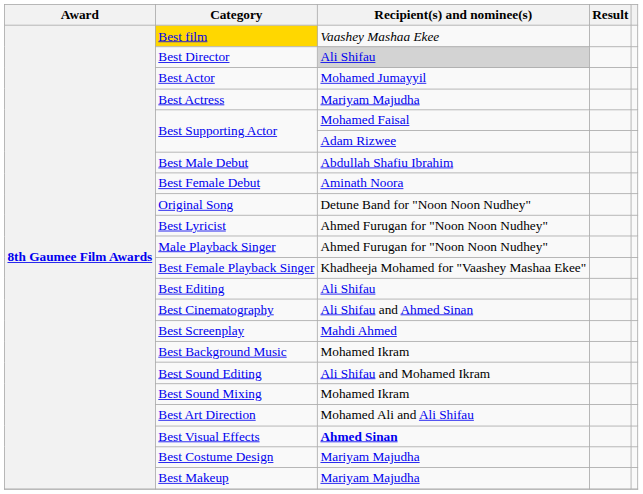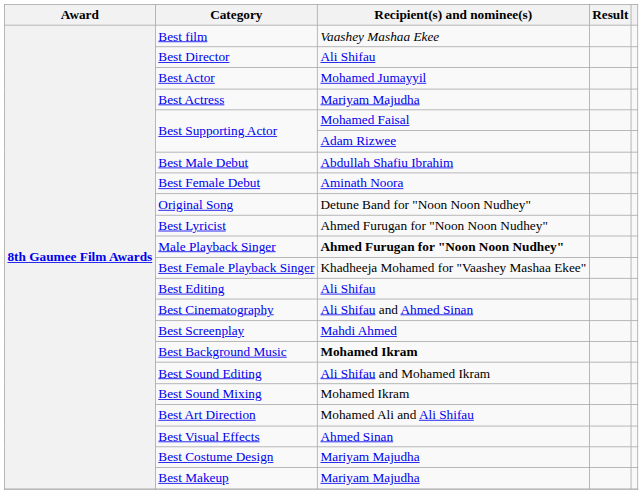 <table class="wikitable plainrowheaders sortable">
 <tr>
 <th scope="col">Award</th>
 <th scope="col">Category</th>
 <th scope="col">Recipient(s) and nominee(s)</th>
 <th scope="col">Result</th>
 <th scope="col" class="unsortable"></th>
 </tr>
 <tr>
 <th scope="row" rowspan="22"><a href='#'>8th Gaumee Film Awards</a></th>
-<td style="background: gold;"><a href='#'>Best film</a></td>
+<td><a href='#'>Best film</a></td>
 <td><em>Vaashey Mashaa Ekee</em></td>
 <td></td>
 <td style="text-align:center;"></td>
 </tr>
 <tr>
 <td><a href='#'>Best Director</a></td>
-<td style="background: lightgrey;"><a href='#'>Ali Shifau</a></td>
+<td><a href='#'>Ali Shifau</a></td>
 <td></td>
 <td style="text-align:center;"></td>
 </tr>
 <tr>
 <td><a href='#'>Best Actor</a></td>
 <td><a href='#'>Mohamed Jumayyil</a></td>
 <td></td>
 <td style="text-align:center;"></td>
 </tr>
 <tr>
 <td><a href='#'>Best Actress</a></td>
 <td><a href='#'>Mariyam Majudha</a></td>
 <td></td>
 <td style="text-align:center;"></td>
 </tr>
 <tr>
 <td rowspan="2"><a href='#'>Best Supporting Actor</a></td>
 <td><a href='#'>Mohamed Faisal</a></td>
 <td></td>
 <td style="text-align:center;"></td>
 </tr>
 <tr>
 <td><a href='#'>Adam Rizwee</a></td>
 <td></td>
 <td style="text-align:center;"></td>
 </tr>
 <tr>
 <td><a href='#'>Best Male Debut</a></td>
 <td><a href='#'>Abdullah Shafiu Ibrahim</a></td>
 <td></td>
 <td style="text-align:center;"></td>
 </tr>
 <tr>
 <td><a href='#'>Best Female Debut</a></td>
 <td><a href='#'>Aminath Noora</a></td>
 <td></td>
 <td style="text-align:center;"></td>
 </tr>
 <tr>
 <td><a href='#'>Original Song</a></td>
 <td>Detune Band for "Noon Noon Nudhey"</td>
 <td></td>
 <td style="text-align:center;"></td>
 </tr>
 <tr>
 <td><a href='#'>Best Lyricist</a></td>
 <td>Ahmed Furugan for "Noon Noon Nudhey"</td>
 <td></td>
 <td style="text-align:center;"></td>
 </tr>
 <tr>
 <td><a href='#'>Male Playback Singer</a></td>
-<td>Ahmed Furugan for "Noon Noon Nudhey"</td>
+<td><strong>Ahmed Furugan for "Noon Noon Nudhey"</strong></td>
 <td></td>
 <td style="text-align:center;"></td>
 </tr>
 <tr>
 <td><a href='#'>Best Female Playback Singer</a></td>
 <td>Khadheeja Mohamed for "Vaashey Mashaa Ekee"</td>
 <td></td>
 <td style="text-align:center;"></td>
 </tr>
 <tr>
 <td><a href='#'>Best Editing</a></td>
 <td><a href='#'>Ali Shifau</a></td>
 <td></td>
 <td style="text-align:center;"></td>
 </tr>
 <tr>
 <td><a href='#'>Best Cinematography</a></td>
 <td><a href='#'>Ali Shifau</a> and <a href='#'>Ahmed Sinan</a></td>
 <td></td>
 <td style="text-align:center;"></td>
 </tr>
 <tr>
 <td><a href='#'>Best Screenplay</a></td>
 <td><a href='#'>Mahdi Ahmed</a></td>
 <td></td>
 <td style="text-align:center;"></td>
 </tr>
 <tr>
 <td><a href='#'>Best Background Music</a></td>
-<td>Mohamed Ikram</td>
+<td><strong>Mohamed Ikram</strong></td>
 <td></td>
 <td style="text-align:center;"></td>
 </tr>
 <tr>
 <td><a href='#'>Best Sound Editing</a></td>
 <td><a href='#'>Ali Shifau</a> and Mohamed Ikram</td>
 <td></td>
 <td style="text-align:center;"></td>
 </tr>
 <tr>
 <td><a href='#'>Best Sound Mixing</a></td>
 <td>Mohamed Ikram</td>
 <td></td>
 <td style="text-align:center;"></td>
 </tr>
 <tr>
 <td><a href='#'>Best Art Direction</a></td>
 <td>Mohamed Ali and <a href='#'>Ali Shifau</a></td>
 <td></td>
 <td style="text-align:center;"></td>
 </tr>
 <tr>
 <td><a href='#'>Best Visual Effects</a></td>
-<td><strong><a href='#'>Ahmed Sinan</a></strong></td>
+<td><a href='#'>Ahmed Sinan</a></td>
 <td></td>
 <td style="text-align:center;"></td>
 </tr>
 <tr>
 <td><a href='#'>Best Costume Design</a></td>
 <td><a href='#'>Mariyam Majudha</a></td>
 <td></td>
 <td style="text-align:center;"></td>
 </tr>
 <tr>
 <td><a href='#'>Best Makeup</a></td>
 <td><a href='#'>Mariyam Majudha</a></td>
 <td></td>
 <td style="text-align:center;"></td>
 </tr>
 <tr>
 </tr>
 </table>
